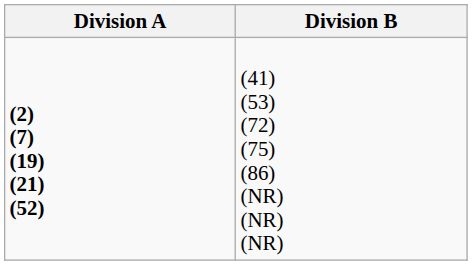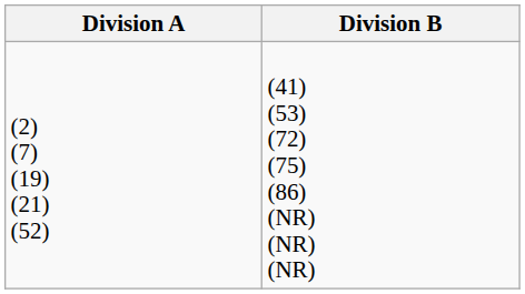 <table class="wikitable" width="40%">
 <tr>
 <th width="50%">Division A</th>
 <th width="50%">Division B</th>
 </tr>
 <tr>
-<td><strong><br> (2)<br>  (7)<br>  (19)<br>  (21)<br>  (52)<br></strong></td>
+<td><br> (2)<br>  (7)<br>  (19)<br>  (21)<br>  (52)<br></td>
 <td><br> (41)<br>  (53)<br>  (72)<br>  (75)<br>  (86)<br>  (NR)<br>  (NR)<br>  (NR)<br></td>
 </tr>
 </table>
